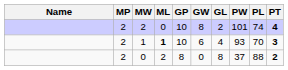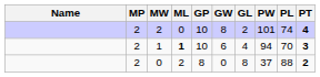 <table class=wikitable style="text-align:center">
 <tr>
 <th width=175>Name</th>
 <th width=20>MP</th>
 <th width=20>MW</th>
 <th width=20>ML</th>
 <th width=20>GP</th>
 <th width=20>GW</th>
 <th width=20>GL</th>
 <th width=20>PW</th>
 <th width=20>PL</th>
 <th width=20>PT</th>
 </tr>
 <tr style="background-color:#ccccff;">
 <td style="text-align:left;"><strong></strong></td>
 <td>2</td>
 <td>2</td>
 <td>0</td>
 <td>10</td>
 <td>8</td>
 <td>2</td>
 <td>101</td>
 <td>74</td>
 <td><strong>4</strong></td>
 </tr>
 <tr>
 <td style="text-align:left;"></td>
 <td>2</td>
 <td>1</td>
 <td><strong>1</strong></td>
 <td>10</td>
 <td>6</td>
 <td>4</td>
-<td>93</td>
+<td>94</td>
 <td>70</td>
 <td><strong>3</strong></td>
 </tr>
 <tr>
 <td style="text-align:left;"></td>
 <td>2</td>
 <td>0</td>
 <td>2</td>
 <td>8</td>
 <td>0</td>
 <td>8</td>
 <td>37</td>
 <td>88</td>
 <td><strong>2</strong></td>
 </tr>
 </table>
